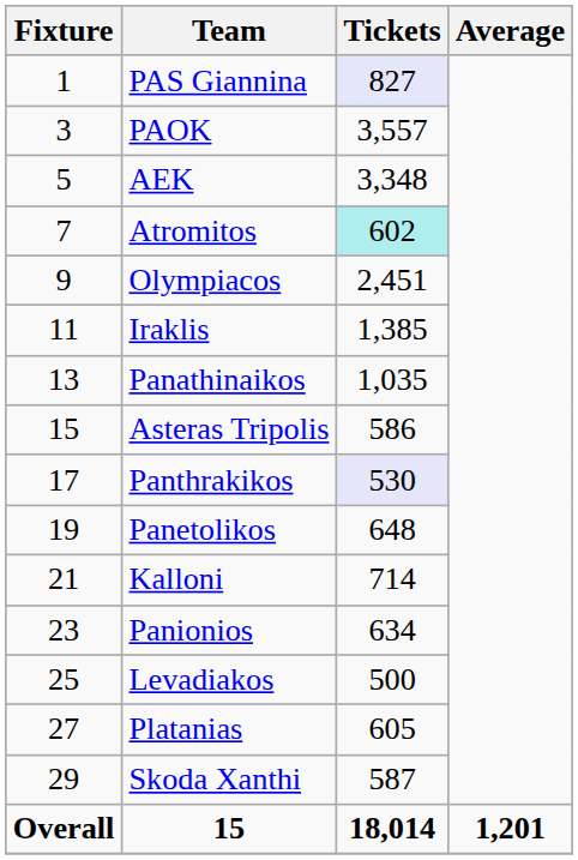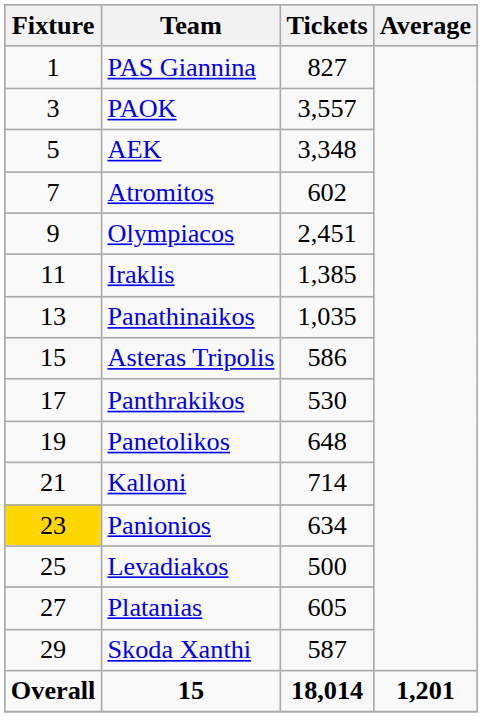 <table class="wikitable" style="text-align:center">
 <tr>
 <th>Fixture</th>
 <th>Team</th>
 <th>Tickets</th>
 <th>Average</th>
 </tr>
 <tr>
 <td>1</td>
 <td style="text-align:left"><a href='#'>PAS Giannina</a></td>
-<td style="background: lavender;">827</td>
+<td>827</td>
 </tr>
 <tr>
 <td>3</td>
 <td style="text-align:left"><a href='#'>PAOK</a></td>
 <td>3,557</td>
 </tr>
 <tr>
 <td>5</td>
 <td style="text-align:left"><a href='#'>AEK</a></td>
 <td>3,348</td>
 </tr>
 <tr>
 <td>7</td>
 <td style="text-align:left"><a href='#'>Atromitos</a></td>
-<td style="background: paleturquoise;">602</td>
+<td>602</td>
 </tr>
 <tr>
 <td>9</td>
 <td style="text-align:left"><a href='#'>Olympiacos</a></td>
 <td>2,451</td>
 </tr>
 <tr>
 <td>11</td>
 <td style="text-align:left"><a href='#'>Iraklis</a></td>
 <td>1,385</td>
 </tr>
 <tr>
 <td>13</td>
 <td style="text-align:left"><a href='#'>Panathinaikos</a></td>
 <td>1,035</td>
 </tr>
 <tr>
 <td>15</td>
 <td style="text-align:left"><a href='#'>Asteras Tripolis</a></td>
 <td>586</td>
 </tr>
 <tr>
 <td>17</td>
 <td style="text-align:left"><a href='#'>Panthrakikos</a></td>
-<td style="background: lavender;">530</td>
+<td>530</td>
 </tr>
 <tr>
 <td>19</td>
 <td style="text-align:left"><a href='#'>Panetolikos</a></td>
 <td>648</td>
 </tr>
 <tr>
 <td>21</td>
 <td style="text-align:left"><a href='#'>Kalloni</a></td>
 <td>714</td>
 </tr>
 <tr>
-<td>23</td>
+<td style="background: gold;">23</td>
 <td style="text-align:left"><a href='#'>Panionios</a></td>
 <td>634</td>
 </tr>
 <tr>
 <td>25</td>
 <td style="text-align:left"><a href='#'>Levadiakos</a></td>
 <td>500</td>
 </tr>
 <tr>
 <td>27</td>
 <td style="text-align:left"><a href='#'>Platanias</a></td>
 <td>605</td>
 </tr>
 <tr>
 <td>29</td>
 <td style="text-align:left"><a href='#'>Skoda Xanthi</a></td>
 <td>587</td>
 </tr>
 <tr>
 <td><strong>Overall</strong></td>
 <td><strong>15</strong></td>
 <td><strong>18,014</strong></td>
 <td><strong>1,201</strong></td>
 </tr>
 <tr>
 </tr>
 </table>
